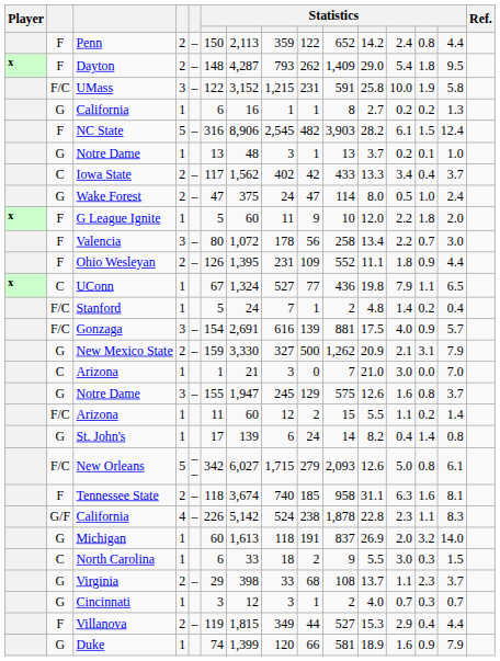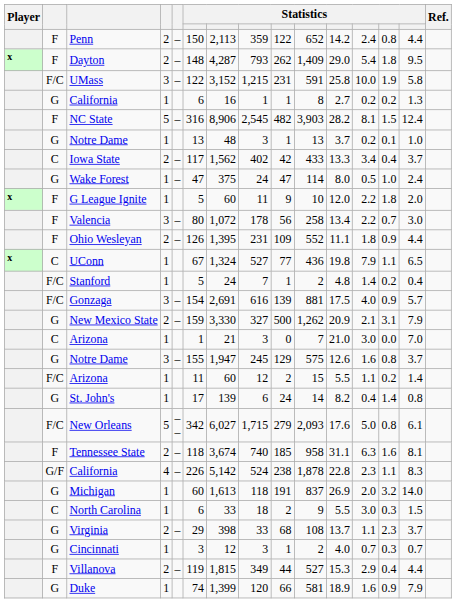 <table class="wikitable sortable" style="font-size:95%; text-align:right;">
 <tr>
 <th scope=col rowspan="2">Player</th>
 <th scope=col rowspan="2"></th>
 <th scope=col rowspan="2"></th>
 <th scope=col rowspan="2"></th>
 <th scope=col rowspan="2"></th>
 <th scope=colgroup colspan="9">Statistics</th>
 <th scope=col rowspan="2">Ref.</th>
 </tr>
 <tr>
 <th scope=col></th>
 <th scope=col></th>
 <th scope=col></th>
 <th scope=col></th>
 <th scope=col></th>
 <th scope=col></th>
 <th scope=col></th>
 <th scope=col></th>
 <th scope=col></th>
 </tr>
 <tr>
 <th scope=row style="text-align:left;"></th>
 <td align="center">F</td>
 <td align="left"><a href='#'>Penn</a></td>
 <td align="center">2</td>
 <td align="center">–</td>
 <td>150</td>
 <td>2,113</td>
 <td>359</td>
 <td>122</td>
 <td>652</td>
 <td>14.2</td>
 <td>2.4</td>
 <td>0.8</td>
 <td>4.4</td>
 <td align=center></td>
 </tr>
 <tr>
 <th scope=row style="text-align:left; background-color:#CCFFCC;"><sup>x</sup></th>
 <td align="center">F</td>
 <td align="left"><a href='#'>Dayton</a></td>
 <td align="center">2</td>
 <td align="center">–</td>
 <td>148</td>
 <td>4,287</td>
 <td>793</td>
 <td>262</td>
 <td>1,409</td>
 <td>29.0</td>
 <td>5.4</td>
 <td>1.8</td>
 <td>9.5</td>
 <td align=center></td>
 </tr>
 <tr>
 <th scope=row style="text-align:left;"></th>
 <td align="center">F/C</td>
 <td align="left"><a href='#'>UMass</a></td>
 <td align="center">3</td>
 <td align="center">–</td>
 <td>122</td>
 <td>3,152</td>
 <td>1,215</td>
 <td>231</td>
 <td>591</td>
 <td>25.8</td>
 <td>10.0</td>
 <td>1.9</td>
 <td>5.8</td>
 <td align=center></td>
 </tr>
 <tr>
 <th scope=row style="text-align:left;"></th>
 <td align="center">G</td>
 <td align="left"><a href='#'>California</a></td>
 <td align="center">1</td>
 <td align="center"></td>
 <td>6</td>
 <td>16</td>
 <td>1</td>
 <td>1</td>
 <td>8</td>
 <td>2.7</td>
 <td>0.2</td>
 <td>0.2</td>
 <td>1.3</td>
 <td align=center></td>
 </tr>
 <tr>
 <th scope=row style="text-align:left;"></th>
 <td align="center">F</td>
 <td align="left"><a href='#'>NC State</a></td>
 <td align="center">5</td>
 <td align="center">–</td>
 <td>316</td>
 <td>8,906</td>
 <td>2,545</td>
 <td>482</td>
 <td>3,903</td>
 <td>28.2</td>
-<td>6.1</td>
+<td>8.1</td>
 <td>1.5</td>
 <td>12.4</td>
 <td align=center></td>
 </tr>
 <tr>
 <th scope=row style="text-align:left;"></th>
 <td align="center">G</td>
 <td align="left"><a href='#'>Notre Dame</a></td>
 <td align="center">1</td>
 <td align="center"></td>
 <td>13</td>
 <td>48</td>
 <td>3</td>
 <td>1</td>
 <td>13</td>
 <td>3.7</td>
 <td>0.2</td>
 <td>0.1</td>
 <td>1.0</td>
 <td align=center></td>
 </tr>
 <tr>
 <th scope=row style="text-align:left;"></th>
 <td align="center">C</td>
 <td align="left"><a href='#'>Iowa State</a></td>
 <td align="center">2</td>
 <td align="center">–</td>
 <td>117</td>
 <td>1,562</td>
 <td>402</td>
 <td>42</td>
 <td>433</td>
 <td>13.3</td>
 <td>3.4</td>
 <td>0.4</td>
 <td>3.7</td>
 <td align=center></td>
 </tr>
 <tr>
 <th scope=row style="text-align:left;"></th>
 <td align="center">G</td>
 <td align="left"><a href='#'>Wake Forest</a></td>
-<td align="center">2</td>
+<td align="center">1</td>
 <td align="center">–</td>
 <td>47</td>
 <td>375</td>
 <td>24</td>
 <td>47</td>
 <td>114</td>
 <td>8.0</td>
 <td>0.5</td>
 <td>1.0</td>
 <td>2.4</td>
 <td align=center></td>
 </tr>
 <tr>
 <th scope=row style="text-align:left; background-color:#CCFFCC;"><sup>x</sup></th>
 <td align="center">F</td>
 <td align="left"><a href='#'>G League Ignite</a></td>
 <td align="center">1</td>
 <td align="center"></td>
 <td>5</td>
 <td>60</td>
 <td>11</td>
 <td>9</td>
 <td>10</td>
 <td>12.0</td>
 <td>2.2</td>
 <td>1.8</td>
 <td>2.0</td>
 <td align=center></td>
 </tr>
 <tr>
 <th scope=row style="text-align:left;"></th>
 <td align="center">F</td>
 <td align="left"> <a href='#'>Valencia</a></td>
 <td align="center">3</td>
 <td align="center">–</td>
 <td>80</td>
 <td>1,072</td>
 <td>178</td>
 <td>56</td>
 <td>258</td>
 <td>13.4</td>
 <td>2.2</td>
 <td>0.7</td>
 <td>3.0</td>
 <td align=center></td>
 </tr>
 <tr>
 <th scope=row style="text-align:left;"></th>
 <td align="center">F</td>
 <td align="left"><a href='#'>Ohio Wesleyan</a></td>
 <td align="center">2</td>
 <td align="center">–</td>
 <td>126</td>
 <td>1,395</td>
 <td>231</td>
 <td>109</td>
 <td>552</td>
 <td>11.1</td>
 <td>1.8</td>
 <td>0.9</td>
 <td>4.4</td>
 <td align=center></td>
 </tr>
 <tr>
 <th scope=row style="text-align:left; background-color:#CCFFCC;"><sup>x</sup></th>
 <td align="center">C</td>
 <td align="left"><a href='#'>UConn</a></td>
 <td align="center">1</td>
 <td align="center"></td>
 <td>67</td>
 <td>1,324</td>
 <td>527</td>
 <td>77</td>
 <td>436</td>
 <td>19.8</td>
 <td>7.9</td>
 <td>1.1</td>
 <td>6.5</td>
 <td align=center></td>
 </tr>
 <tr>
 <th scope=row style="text-align:left;"></th>
 <td align="center">F/C</td>
 <td align="left"><a href='#'>Stanford</a></td>
 <td align="center">1</td>
 <td align="center"></td>
 <td>5</td>
 <td>24</td>
 <td>7</td>
 <td>1</td>
 <td>2</td>
 <td>4.8</td>
 <td>1.4</td>
 <td>0.2</td>
 <td>0.4</td>
 <td align=center></td>
 </tr>
 <tr>
 <th scope=row style="text-align:left;"></th>
 <td align="center">F/C</td>
 <td align="left"><a href='#'>Gonzaga</a></td>
 <td align="center">3</td>
 <td align="center">–</td>
 <td>154</td>
 <td>2,691</td>
 <td>616</td>
 <td>139</td>
 <td>881</td>
 <td>17.5</td>
 <td>4.0</td>
 <td>0.9</td>
 <td>5.7</td>
 <td align=center></td>
 </tr>
 <tr>
 <th scope=row style="text-align:left;"></th>
 <td align="center">G</td>
 <td align="left"><a href='#'>New Mexico State</a></td>
 <td align="center">2</td>
 <td align="center">–</td>
 <td>159</td>
 <td>3,330</td>
 <td>327</td>
 <td>500</td>
 <td>1,262</td>
 <td>20.9</td>
 <td>2.1</td>
 <td>3.1</td>
 <td>7.9</td>
 <td align=center></td>
 </tr>
 <tr>
 <th scope=row style="text-align:left;"></th>
 <td align="center">C</td>
 <td align="left"><a href='#'>Arizona</a></td>
 <td align="center">1</td>
 <td align="center"></td>
 <td>1</td>
 <td>21</td>
 <td>3</td>
 <td>0</td>
 <td>7</td>
 <td>21.0</td>
 <td>3.0</td>
 <td>0.0</td>
 <td>7.0</td>
 <td align=center></td>
 </tr>
 <tr>
 <th scope=row style="text-align:left;"></th>
 <td align="center">G</td>
 <td align="left"><a href='#'>Notre Dame</a></td>
 <td align="center">3</td>
 <td align="center">–</td>
 <td>155</td>
 <td>1,947</td>
 <td>245</td>
 <td>129</td>
 <td>575</td>
 <td>12.6</td>
 <td>1.6</td>
 <td>0.8</td>
 <td>3.7</td>
 <td align=center></td>
 </tr>
 <tr>
 <th scope=row style="text-align:left;"></th>
 <td align="center">F/C</td>
 <td align="left"><a href='#'>Arizona</a></td>
 <td align="center">1</td>
 <td align="center"></td>
 <td>11</td>
 <td>60</td>
 <td>12</td>
 <td>2</td>
 <td>15</td>
 <td>5.5</td>
 <td>1.1</td>
 <td>0.2</td>
 <td>1.4</td>
 <td align=center></td>
 </tr>
 <tr>
 <th scope=row style="text-align:left;"></th>
 <td align="center">G</td>
 <td align="left"><a href='#'>St. John's</a></td>
 <td align="center">1</td>
 <td align="center"></td>
 <td>17</td>
 <td>139</td>
 <td>6</td>
 <td>24</td>
 <td>14</td>
 <td>8.2</td>
 <td>0.4</td>
 <td>1.4</td>
 <td>0.8</td>
 <td align=center></td>
 </tr>
 <tr>
 <th scope=row style="text-align:left;"></th>
 <td align="center">F/C</td>
 <td align="left"><a href='#'>New Orleans</a></td>
 <td align="center">5</td>
 <td align="center">–<br>–</td>
 <td>342</td>
 <td>6,027</td>
 <td>1,715</td>
 <td>279</td>
 <td>2,093</td>
-<td>12.6</td>
+<td>17.6</td>
 <td>5.0</td>
 <td>0.8</td>
 <td>6.1</td>
 <td align=center></td>
 </tr>
 <tr>
 <th scope=row style="text-align:left;"></th>
 <td align="center">F</td>
 <td align="left"><a href='#'>Tennessee State</a></td>
 <td align="center">2</td>
 <td align="center">–</td>
 <td>118</td>
 <td>3,674</td>
 <td>740</td>
 <td>185</td>
 <td>958</td>
 <td>31.1</td>
 <td>6.3</td>
 <td>1.6</td>
 <td>8.1</td>
 <td align=center></td>
 </tr>
 <tr>
 <th scope=row style="text-align:left;"></th>
 <td align="center">G/F</td>
 <td align="left"><a href='#'>California</a></td>
 <td align="center">4</td>
 <td align="center">–</td>
 <td>226</td>
 <td>5,142</td>
 <td>524</td>
 <td>238</td>
 <td>1,878</td>
 <td>22.8</td>
 <td>2.3</td>
 <td>1.1</td>
 <td>8.3</td>
 <td align=center></td>
 </tr>
 <tr>
 <th scope=row style="text-align:left;"></th>
 <td align="center">G</td>
 <td align="left"><a href='#'>Michigan</a></td>
 <td align="center">1</td>
 <td align="center"></td>
 <td>60</td>
 <td>1,613</td>
 <td>118</td>
 <td>191</td>
 <td>837</td>
 <td>26.9</td>
 <td>2.0</td>
 <td>3.2</td>
 <td>14.0</td>
 <td align=center></td>
 </tr>
 <tr>
 <th scope=row style="text-align:left;"></th>
 <td align="center">C</td>
 <td align="left"><a href='#'>North Carolina</a></td>
 <td align="center">1</td>
 <td align="center"></td>
 <td>6</td>
 <td>33</td>
 <td>18</td>
 <td>2</td>
 <td>9</td>
 <td>5.5</td>
 <td>3.0</td>
 <td>0.3</td>
 <td>1.5</td>
 <td align=center></td>
 </tr>
 <tr>
 <th scope=row style="text-align:left;"></th>
 <td align="center">G</td>
 <td align="left"><a href='#'>Virginia</a></td>
 <td align="center">2</td>
 <td align="center">–</td>
 <td>29</td>
 <td>398</td>
 <td>33</td>
 <td>68</td>
 <td>108</td>
 <td>13.7</td>
 <td>1.1</td>
 <td>2.3</td>
 <td>3.7</td>
 <td align=center></td>
 </tr>
 <tr>
 <th scope=row style="text-align:left;"></th>
 <td align="center">G</td>
 <td align="left"><a href='#'>Cincinnati</a></td>
 <td align="center">1</td>
 <td align="center"></td>
 <td>3</td>
 <td>12</td>
 <td>3</td>
 <td>1</td>
 <td>2</td>
 <td>4.0</td>
 <td>0.7</td>
 <td>0.3</td>
 <td>0.7</td>
 <td align=center></td>
 </tr>
 <tr>
 <th scope=row style="text-align:left;"></th>
 <td align="center">F</td>
 <td align="left"><a href='#'>Villanova</a></td>
 <td align="center">2</td>
 <td align="center">–</td>
 <td>119</td>
 <td>1,815</td>
 <td>349</td>
 <td>44</td>
 <td>527</td>
 <td>15.3</td>
 <td>2.9</td>
 <td>0.4</td>
 <td>4.4</td>
 <td align=center></td>
 </tr>
 <tr>
 <th scope=row style="text-align:left;"></th>
 <td align="center">G</td>
 <td align="left"><a href='#'>Duke</a></td>
 <td align="center">1</td>
 <td align="center"></td>
 <td>74</td>
 <td>1,399</td>
 <td>120</td>
 <td>66</td>
 <td>581</td>
 <td>18.9</td>
 <td>1.6</td>
 <td>0.9</td>
 <td>7.9</td>
 <td align=center></td>
 </tr>
 </table>
